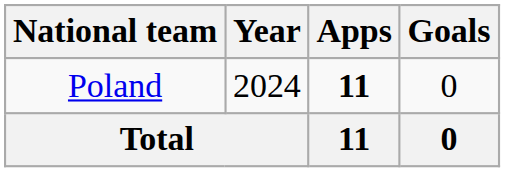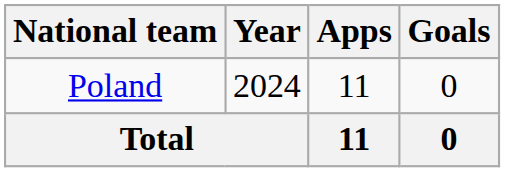 <table class="wikitable" style="text-align:center">
 <tr>
 <th>National team</th>
 <th>Year</th>
 <th>Apps</th>
 <th>Goals</th>
 </tr>
 <tr>
 <td rowspan="1"><a href='#'>Poland</a></td>
 <td>2024</td>
-<td><strong>11</strong></td>
+<td>11</td>
 <td>0</td>
 </tr>
 <tr>
 <th colspan="2">Total</th>
 <th>11</th>
 <th>0</th>
 </tr>
 </table>
